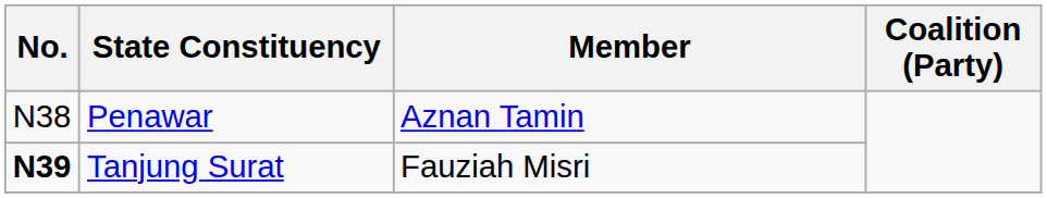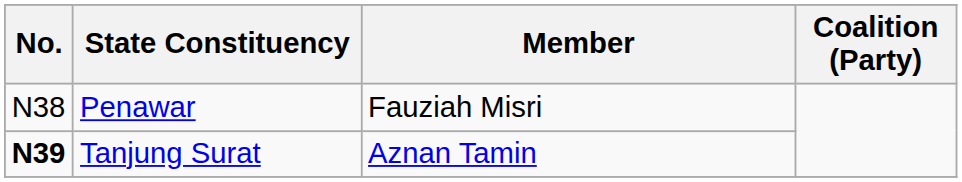 <table class="wikitable sortable">
 <tr>
 <th width="30">No.</th>
 <th width="150">State Constituency</th>
 <th width="230">Member</th>
 <th width="80">Coalition (Party)</th>
 </tr>
 <tr>
 <td>N38</td>
 <td><a href='#'>Penawar</a></td>
-<td><a href='#'>Aznan Tamin</a></td>
+<td>Fauziah Misri</td>
 <td rowspan="2"></td>
 </tr>
 <tr>
 <td><strong>N39</strong></td>
 <td><a href='#'>Tanjung Surat</a></td>
-<td>Fauziah Misri</td>
+<td><a href='#'>Aznan Tamin</a></td>
 </tr>
 </table>
